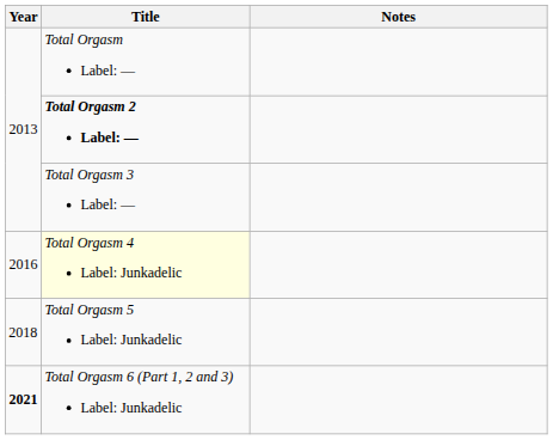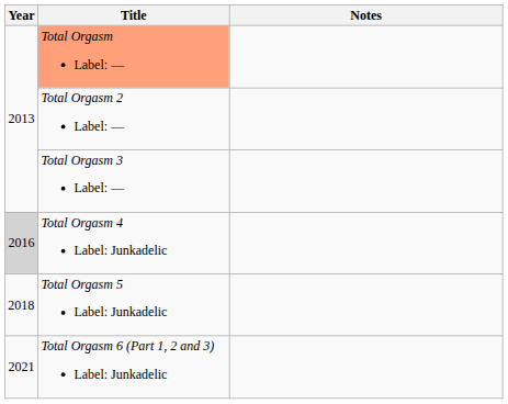 <table class="wikitable">
 <tr>
 <th style="width:33px;">Year</th>
 <th style="width:225px;">Title</th>
 <th style="width:325px;">Notes</th>
 </tr>
 <tr>
 <td rowspan="3" style="text-align:center;">2013</td>
-<td><em>Total Orgasm</em><br><ul><li>Label: —</li></ul></td>
+<td style="background: lightsalmon;"><em>Total Orgasm</em><br><ul><li>Label: —</li></ul></td>
 <td></td>
 </tr>
 <tr>
-<td><strong><em>Total Orgasm 2</em><br><ul><li>Label: —</li></ul></strong></td>
+<td><em>Total Orgasm 2</em><br><ul><li>Label: —</li></ul></td>
 <td></td>
 </tr>
 <tr>
 <td><em>Total Orgasm 3</em><br><ul><li>Label: —</li></ul></td>
 <td></td>
 </tr>
 <tr>
-<td style="text-align:center;">2016</td>
-<td style="background: lightyellow;"><em>Total Orgasm 4</em><br><ul><li>Label: Junkadelic</li></ul></td>
+<td style="background: lightgrey; text-align:center;">2016</td>
+<td><em>Total Orgasm 4</em><br><ul><li>Label: Junkadelic</li></ul></td>
 <td></td>
 </tr>
 <tr>
 <td>2018</td>
 <td><em>Total Orgasm 5</em><br><ul><li>Label: Junkadelic</li></ul></td>
 <td></td>
 </tr>
 <tr>
-<td style="text-align:center;"><strong>2021</strong></td>
+<td style="text-align:center;">2021</td>
 <td><em>Total Orgasm 6 (Part 1, 2 and 3)</em><br><ul><li>Label: Junkadelic</li></ul></td>
 </tr>
 </table>
